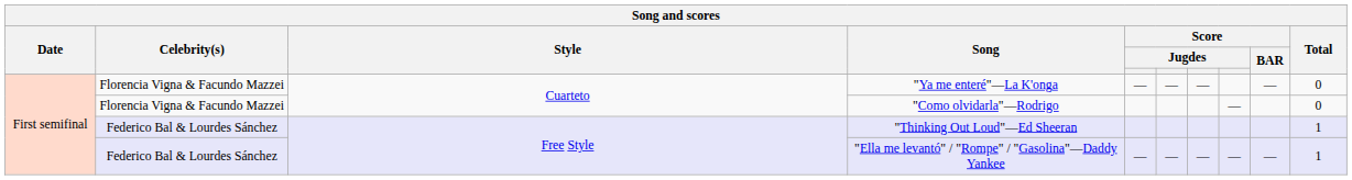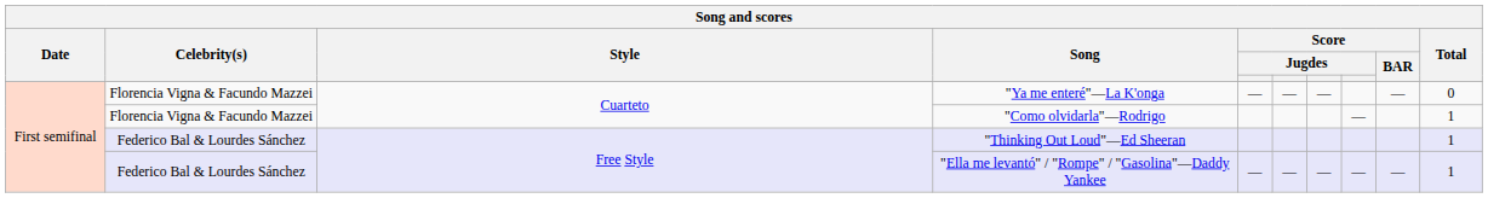 <table class="wikitable collapsible collapsed" style="font-size:95%; text-align: center; width: 100%;">
 <tr>
 <th colspan="11" style="with: 100%;" align=center>Song and scores</th>
 </tr>
 <tr>
 <th rowspan="3" width="100">Date</th>
 <th rowspan="3" width="220">Celebrity(s)</th>
 <th rowspan="3">Style</th>
 <th rowspan="3" width="320">Song</th>
 <th colspan="5">Score</th>
 <th rowspan="3" width="60">Total</th>
 </tr>
 <tr>
 <th colspan="4">Jugdes</th>
 <th rowspan="2" width=40>BAR<br></th>
 </tr>
 <tr>
 <th width=30></th>
 <th width=30></th>
 <th width=30></th>
 <th width=30></th>
 </tr>
 <tr>
 <td rowspan="4" style=" background:#ffdacc">First semifinal<br></td>
 <td>Florencia Vigna & Facundo Mazzei</td>
 <td rowspan="2"><a href='#'>Cuarteto</a></td>
 <td>"<a href='#'>Ya me enteré</a>"—<a href='#'>La K'onga</a></td>
 <td>—</td>
 <td>—</td>
 <td>—</td>
 <td></td>
 <td>—</td>
 <td>0</td>
 </tr>
 <tr>
 <td>Florencia Vigna & Facundo Mazzei</td>
 <td>"<a href='#'>Como olvidarla</a>"—<a href='#'>Rodrigo</a></td>
 <td></td>
 <td></td>
 <td></td>
 <td>—</td>
 <td> </td>
-<td>0</td>
+<td>1</td>
 </tr>
 <tr style="background:lavender;">
 <td>Federico Bal & Lourdes Sánchez</td>
 <td rowspan="2"><a href='#'>Free</a> <a href='#'>Style</a></td>
 <td>"<a href='#'>Thinking Out Loud</a>"—<a href='#'>Ed Sheeran</a></td>
 <td></td>
 <td></td>
 <td></td>
 <td></td>
 <td> </td>
 <td>1</td>
 </tr>
 <tr style="background:lavender;">
 <td>Federico Bal & Lourdes Sánchez</td>
 <td>"<a href='#'>Ella me levantó</a>" / "<a href='#'>Rompe</a>" / "<a href='#'>Gasolina</a>"—<a href='#'>Daddy Yankee</a></td>
 <td>—</td>
 <td>—</td>
 <td>—</td>
 <td>—</td>
 <td>—</td>
 <td>1</td>
 </tr>
 </table>
